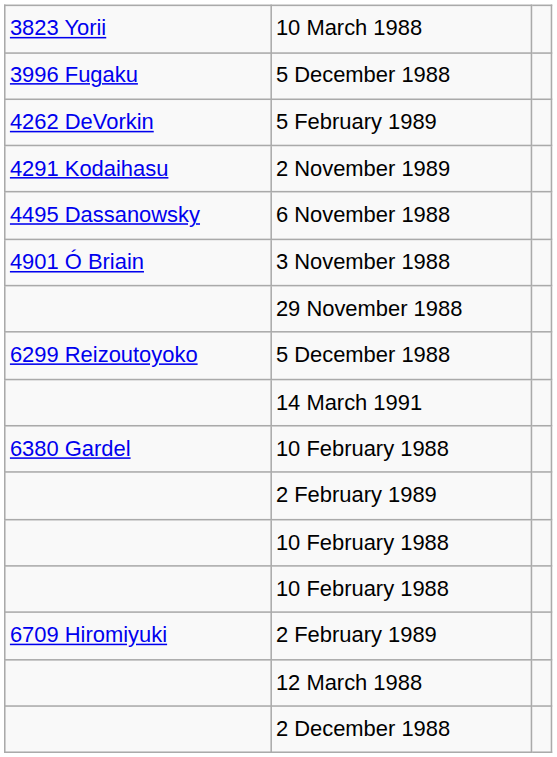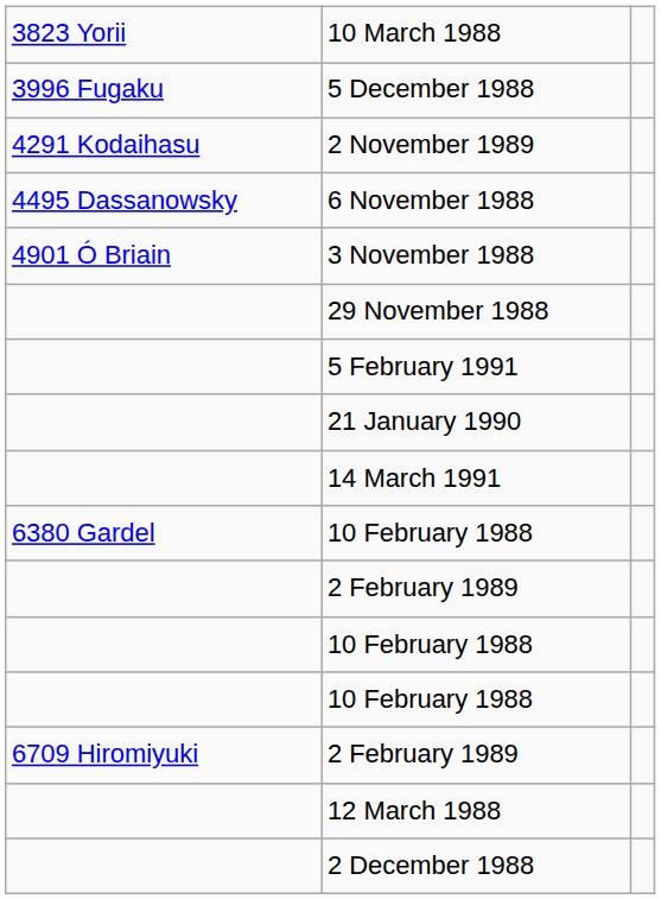 <table class="wikitable" style="font-size: 89%; float: left; width: 25em; margin-right: 1em; line-height: 1.65em !important; height: 486px;">
 <tr>
 <td><a href='#'>3823 Yorii</a></td>
 <td>10 March 1988</td>
 <td> </td>
 </tr>
 <tr>
 <td><a href='#'>3996 Fugaku</a></td>
 <td>5 December 1988</td>
-<td> </td>
-</tr>
-<tr>
-<td><a href='#'>4262 DeVorkin</a></td>
-<td>5 February 1989</td>
 <td> </td>
 </tr>
 <tr>
 <td><a href='#'>4291 Kodaihasu</a></td>
 <td>2 November 1989</td>
 <td> </td>
 </tr>
 <tr>
 <td><a href='#'>4495 Dassanowsky</a></td>
 <td>6 November 1988</td>
 <td> </td>
 </tr>
 <tr>
 <td><a href='#'>4901 Ó Briain</a></td>
 <td>3 November 1988</td>
 <td> </td>
 </tr>
 <tr>
 <td></td>
 <td>29 November 1988</td>
 <td> </td>
 </tr>
 <tr>
-<td><a href='#'>6299 Reizoutoyoko</a></td>
-<td>5 December 1988</td>
+<td></td>
+<td>5 February 1991</td>
+<td> </td>
+</tr>
+<tr>
+<td></td>
+<td>21 January 1990</td>
 <td> </td>
 </tr>
 <tr>
 <td></td>
 <td>14 March 1991</td>
 <td> </td>
 </tr>
 <tr>
 <td><a href='#'>6380 Gardel</a></td>
 <td>10 February 1988</td>
 <td> </td>
 </tr>
 <tr>
 <td></td>
 <td>2 February 1989</td>
 <td> </td>
 </tr>
 <tr>
 <td></td>
 <td>10 February 1988</td>
 <td> </td>
 </tr>
 <tr>
 <td></td>
 <td>10 February 1988</td>
 <td> </td>
 </tr>
 <tr>
 <td><a href='#'>6709 Hiromiyuki</a></td>
 <td>2 February 1989</td>
 <td> </td>
 </tr>
 <tr>
 <td></td>
 <td>12 March 1988</td>
 <td> </td>
 </tr>
 <tr>
 <td></td>
 <td>2 December 1988</td>
 <td> </td>
 </tr>
 </table>
